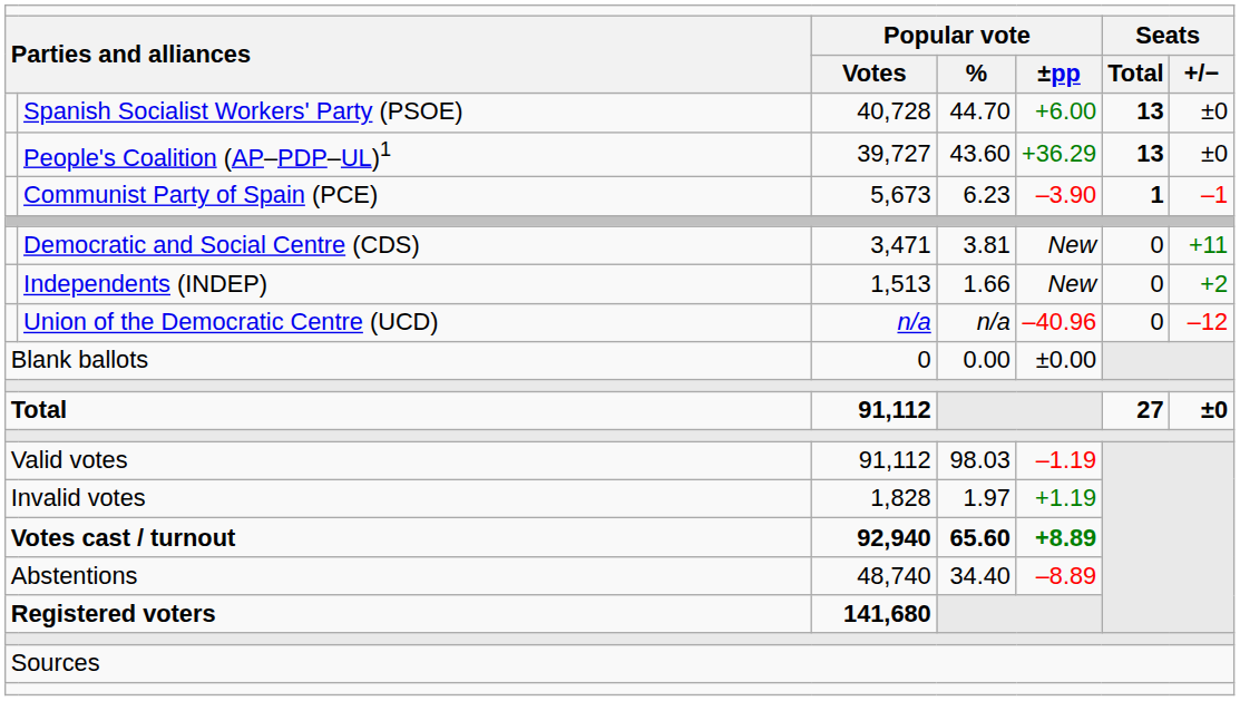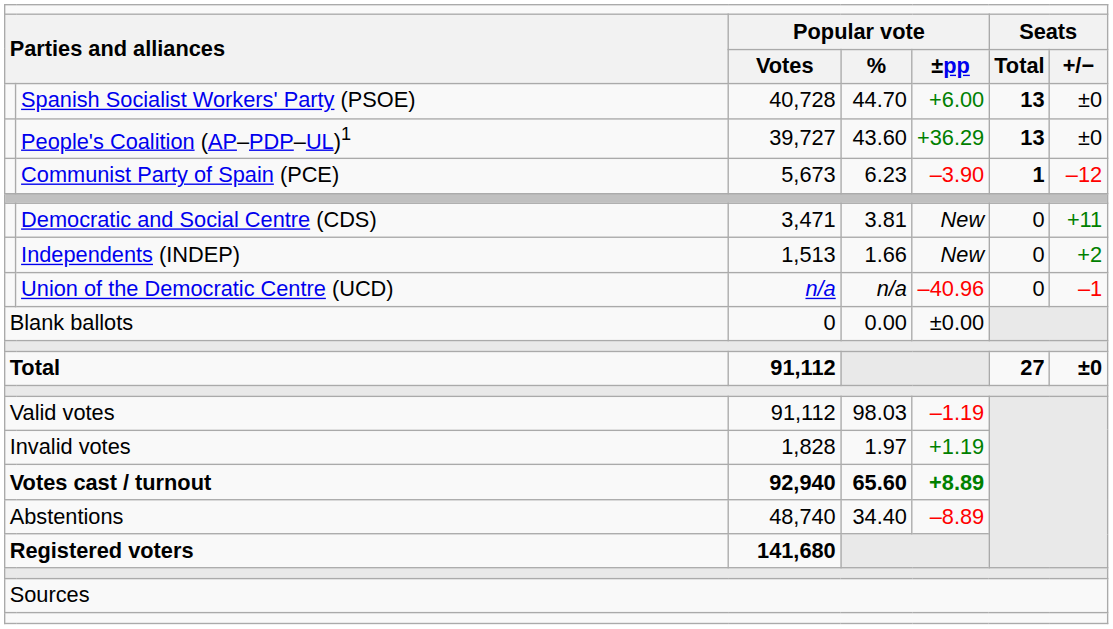 <table class="wikitable" style="text-align:right;">
 <tr>
 <td colspan="7"></td>
 </tr>
 <tr>
 <th style="text-align:left;" rowspan="2" colspan="2" width="525">Parties and alliances</th>
 <th colspan="3">Popular vote</th>
 <th colspan="2">Seats</th>
 </tr>
 <tr>
 <th width="75">Votes</th>
 <th width="45">%</th>
 <th width="45">±<a href='#'>pp</a></th>
 <th width="35">Total</th>
 <th width="35">+/−</th>
 </tr>
 <tr>
 <td width="1" style="color:inherit;background:"></td>
 <td align="left"><a href='#'>Spanish Socialist Workers' Party</a> (PSOE)</td>
 <td>40,728</td>
 <td>44.70</td>
 <td style="color:green;">+6.00</td>
 <td><strong>13</strong></td>
 <td>±0</td>
 </tr>
 <tr>
 <td style="color:inherit;background:"></td>
 <td align="left"><a href='#'>People's Coalition</a> (<a href='#'>AP</a>–<a href='#'>PDP</a>–<a href='#'>UL</a>)<sup>1</sup></td>
 <td>39,727</td>
 <td>43.60</td>
 <td style="color:green;">+36.29</td>
 <td><strong>13</strong></td>
 <td>±0</td>
 </tr>
 <tr>
 <td style="color:inherit;background:"></td>
 <td align="left"><a href='#'>Communist Party of Spain</a> (PCE)</td>
 <td>5,673</td>
 <td>6.23</td>
 <td style="color:red;">–3.90</td>
 <td><strong>1</strong></td>
-<td style="color:red;">–1</td>
+<td style="color:red;">–12</td>
 </tr>
 <tr>
 <td colspan="7" bgcolor="#C0C0C0"></td>
 </tr>
 <tr>
 <td style="color:inherit;background:"></td>
 <td align="left"><a href='#'>Democratic and Social Centre</a> (CDS)</td>
 <td>3,471</td>
 <td>3.81</td>
 <td><em>New</em></td>
 <td>0</td>
 <td style="color:green;">+11</td>
 </tr>
 <tr>
 <td style="color:inherit;background:"></td>
 <td align="left"><a href='#'>Independents</a> (INDEP)</td>
 <td>1,513</td>
 <td>1.66</td>
 <td><em>New</em></td>
 <td>0</td>
 <td style="color:green;">+2</td>
 </tr>
 <tr>
 <td style="color:inherit;background:"></td>
 <td align="left"><a href='#'>Union of the Democratic Centre</a> (UCD)</td>
 <td><em><a href='#'>n/a</a></em></td>
 <td><em>n/a</em></td>
 <td style="color:red;">–40.96</td>
 <td>0</td>
-<td style="color:red;">–12</td>
+<td style="color:red;">–1</td>
 </tr>
 <tr>
 <td align="left" colspan="2">Blank ballots</td>
 <td>0</td>
 <td>0.00</td>
 <td>±0.00</td>
 <td bgcolor="#E9E9E9" colspan="2"></td>
 </tr>
 <tr>
 <td colspan="7" bgcolor="#E9E9E9"></td>
 </tr>
 <tr style="font-weight:bold;">
 <td align="left" colspan="2">Total</td>
 <td>91,112</td>
 <td bgcolor="#E9E9E9" colspan="2"></td>
 <td>27</td>
 <td>±0</td>
 </tr>
 <tr>
 <td colspan="7" bgcolor="#E9E9E9"></td>
 </tr>
 <tr>
 <td align="left" colspan="2">Valid votes</td>
 <td>91,112</td>
 <td>98.03</td>
 <td style="color:red;">–1.19</td>
 <td bgcolor="#E9E9E9" colspan="2" rowspan="5"></td>
 </tr>
 <tr>
 <td align="left" colspan="2">Invalid votes</td>
 <td>1,828</td>
 <td>1.97</td>
 <td style="color:green;">+1.19</td>
 </tr>
 <tr style="font-weight:bold;">
 <td align="left" colspan="2">Votes cast / turnout</td>
 <td>92,940</td>
 <td>65.60</td>
 <td style="color:green;">+8.89</td>
 </tr>
 <tr>
 <td align="left" colspan="2">Abstentions</td>
 <td>48,740</td>
 <td>34.40</td>
 <td style="color:red;">–8.89</td>
 </tr>
 <tr style="font-weight:bold;">
 <td align="left" colspan="2">Registered voters</td>
 <td>141,680</td>
 <td bgcolor="#E9E9E9" colspan="2"></td>
 </tr>
 <tr>
 <td colspan="7" bgcolor="#E9E9E9"></td>
 </tr>
 <tr>
 <td align="left" colspan="7">Sources</td>
 </tr>
 <tr>
 <td colspan="7" style="text-align:left; max-width:790px;"></td>
 </tr>
 </table>
